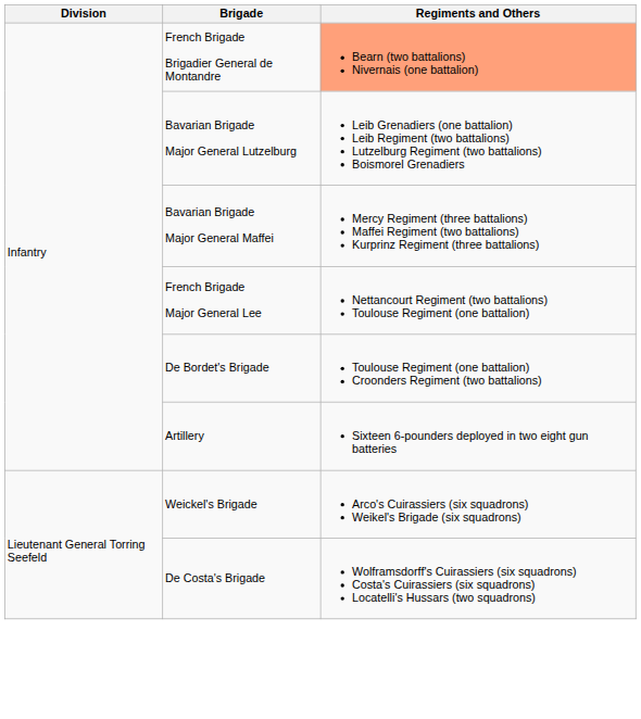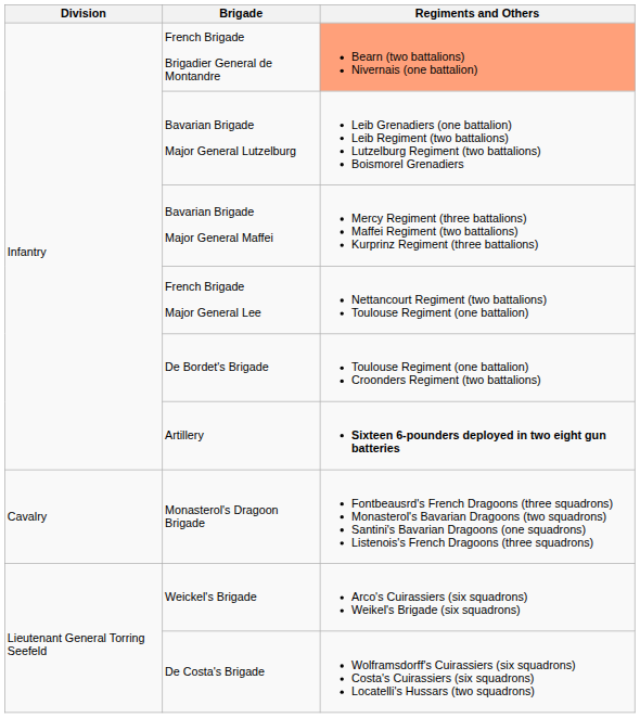 <table class="wikitable">
 <tr>
 <th width=25%>Division</th>
 <th width=25%>Brigade</th>
 <th>Regiments and Others</th>
 </tr>
 <tr>
 <td rowspan=6><br>Infantry</td>
 <td>French Brigade<br><br> Brigadier General de Montandre</td>
 <td style="background: lightsalmon;"><br><ul><li>Bearn (two battalions)</li><li>Nivernais (one battalion)</li></ul></td>
 </tr>
 <tr>
 <td>Bavarian Brigade<br><br> Major General Lutzelburg</td>
 <td><br><ul><li>Leib Grenadiers (one battalion)</li><li>Leib Regiment (two battalions)</li><li>Lutzelburg Regiment (two battalions)</li><li>Boismorel Grenadiers</li></ul></td>
 </tr>
 <tr>
 <td>Bavarian Brigade<br><br> Major General Maffei</td>
 <td><br><ul><li>Mercy Regiment (three battalions)</li><li>Maffei Regiment (two battalions)</li><li>Kurprinz Regiment (three battalions)</li></ul></td>
 </tr>
 <tr>
 <td>French Brigade<br><br> Major General Lee</td>
 <td><br><ul><li>Nettancourt Regiment (two battalions)</li><li>Toulouse Regiment (one battalion)</li></ul></td>
 </tr>
 <tr>
 <td>De Bordet's Brigade</td>
 <td><br><ul><li>Toulouse Regiment (one battalion)</li><li>Croonders Regiment (two battalions)</li></ul></td>
 </tr>
 <tr>
 <td>Artillery</td>
-<td><br><ul><li>Sixteen 6-pounders deployed in two eight gun batteries</li></ul></td>
+<td><strong><br><ul><li>Sixteen 6-pounders deployed in two eight gun batteries</li></ul></strong></td>
+</tr>
+<tr>
+<td>Cavalry</td>
+<td>Monasterol's Dragoon Brigade</td>
+<td><br><ul><li>Fontbeausrd's French Dragoons (three squadrons)</li><li>Monasterol's Bavarian Dragoons (two squadrons)</li><li>Santini's Bavarian Dragoons (one squadrons)</li><li>Listenois's French Dragoons (three squadrons)</li></ul></td>
 </tr>
 <tr>
 <td rowspan=2><br>Lieutenant General Torring Seefeld</td>
 <td>Weickel's Brigade</td>
 <td><br><ul><li>Arco's Cuirassiers (six squadrons)</li><li>Weikel's Brigade (six squadrons)</li></ul></td>
 </tr>
 <tr>
 <td>De Costa's Brigade</td>
 <td><br><ul><li>Wolframsdorff's Cuirassiers (six squadrons)</li><li>Costa's Cuirassiers (six squadrons)</li><li>Locatelli's Hussars (two squadrons)</li></ul></td>
 </tr>
 </table>
